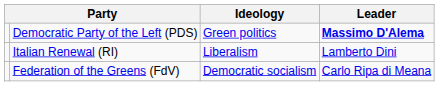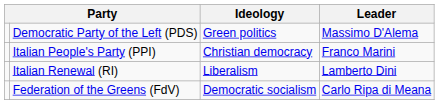 <table class=wikitable style=text-align:left>
 <tr>
 <th colspan=2>Party</th>
 <th>Ideology</th>
 <th>Leader</th>
 </tr>
 <tr>
 <td></td>
 <td><a href='#'>Democratic Party of the Left</a> (PDS)</td>
 <td><a href='#'>Green politics</a></td>
-<td><strong><a href='#'>Massimo D'Alema</a></strong></td>
+<td><a href='#'>Massimo D'Alema</a></td>
+</tr>
+<tr>
+<td></td>
+<td><a href='#'>Italian People's Party</a> (PPI)</td>
+<td><a href='#'>Christian democracy</a></td>
+<td><a href='#'>Franco Marini</a></td>
 </tr>
 <tr>
 <td></td>
 <td><a href='#'>Italian Renewal</a> (RI)</td>
 <td><a href='#'>Liberalism</a></td>
 <td><a href='#'>Lamberto Dini</a></td>
 </tr>
 <tr>
 <td></td>
 <td><a href='#'>Federation of the Greens</a> (FdV)</td>
 <td><a href='#'>Democratic socialism</a></td>
 <td><a href='#'>Carlo Ripa di Meana</a></td>
 </tr>
 </table>
